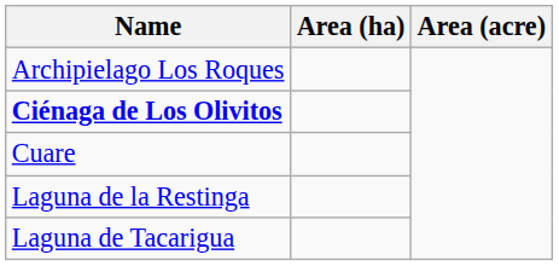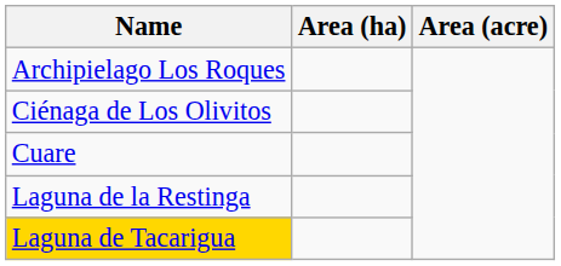 <table class="wikitable sortable">
 <tr>
 <th scope="col" align=left>Name</th>
 <th scope="col">Area (ha)</th>
 <th scope="col">Area (acre)</th>
 </tr>
 <tr ---->
 <td><a href='#'>Archipielago Los Roques</a></td>
 <td></td>
 </tr>
 <tr ---->
-<td><strong><a href='#'>Ciénaga de Los Olivitos</a></strong></td>
+<td><a href='#'>Ciénaga de Los Olivitos</a></td>
 <td></td>
 </tr>
 <tr ---->
 <td><a href='#'>Cuare</a></td>
 <td></td>
 </tr>
 <tr ---->
 <td><a href='#'>Laguna de la Restinga</a></td>
 <td></td>
 </tr>
 <tr ---->
-<td><a href='#'>Laguna de Tacarigua</a></td>
+<td style="background: gold;"><a href='#'>Laguna de Tacarigua</a></td>
 <td></td>
 </tr>
 </table>
